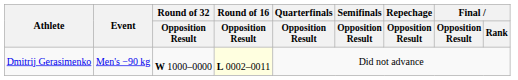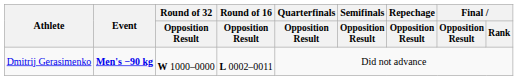 <table class="wikitable" style="font-size:90%">
 <tr>
 <th rowspan=2>Athlete</th>
 <th rowspan=2>Event</th>
 <th>Round of 32</th>
 <th>Round of 16</th>
 <th>Quarterfinals</th>
 <th>Semifinals</th>
 <th>Repechage</th>
 <th colspan=2>Final / </th>
 </tr>
 <tr style="font-size:95%">
 <th>Opposition<br>Result</th>
 <th>Opposition<br>Result</th>
 <th>Opposition<br>Result</th>
 <th>Opposition<br>Result</th>
 <th>Opposition<br>Result</th>
 <th>Opposition<br>Result</th>
 <th>Rank</th>
 </tr>
 <tr align=center>
 <td align=left><a href='#'>Dmitrij Gerasimenko</a></td>
-<td align=left><a href='#'>Men's −90 kg</a></td>
+<td align=left><strong><a href='#'>Men's −90 kg</a></strong></td>
 <td><br><strong>W</strong> 1000–0000</td>
-<td style="background: lightyellow;"><br><strong>L</strong> 0002–0011</td>
+<td><br><strong>L</strong> 0002–0011</td>
 <td colspan=5>Did not advance</td>
 </tr>
 </table>
